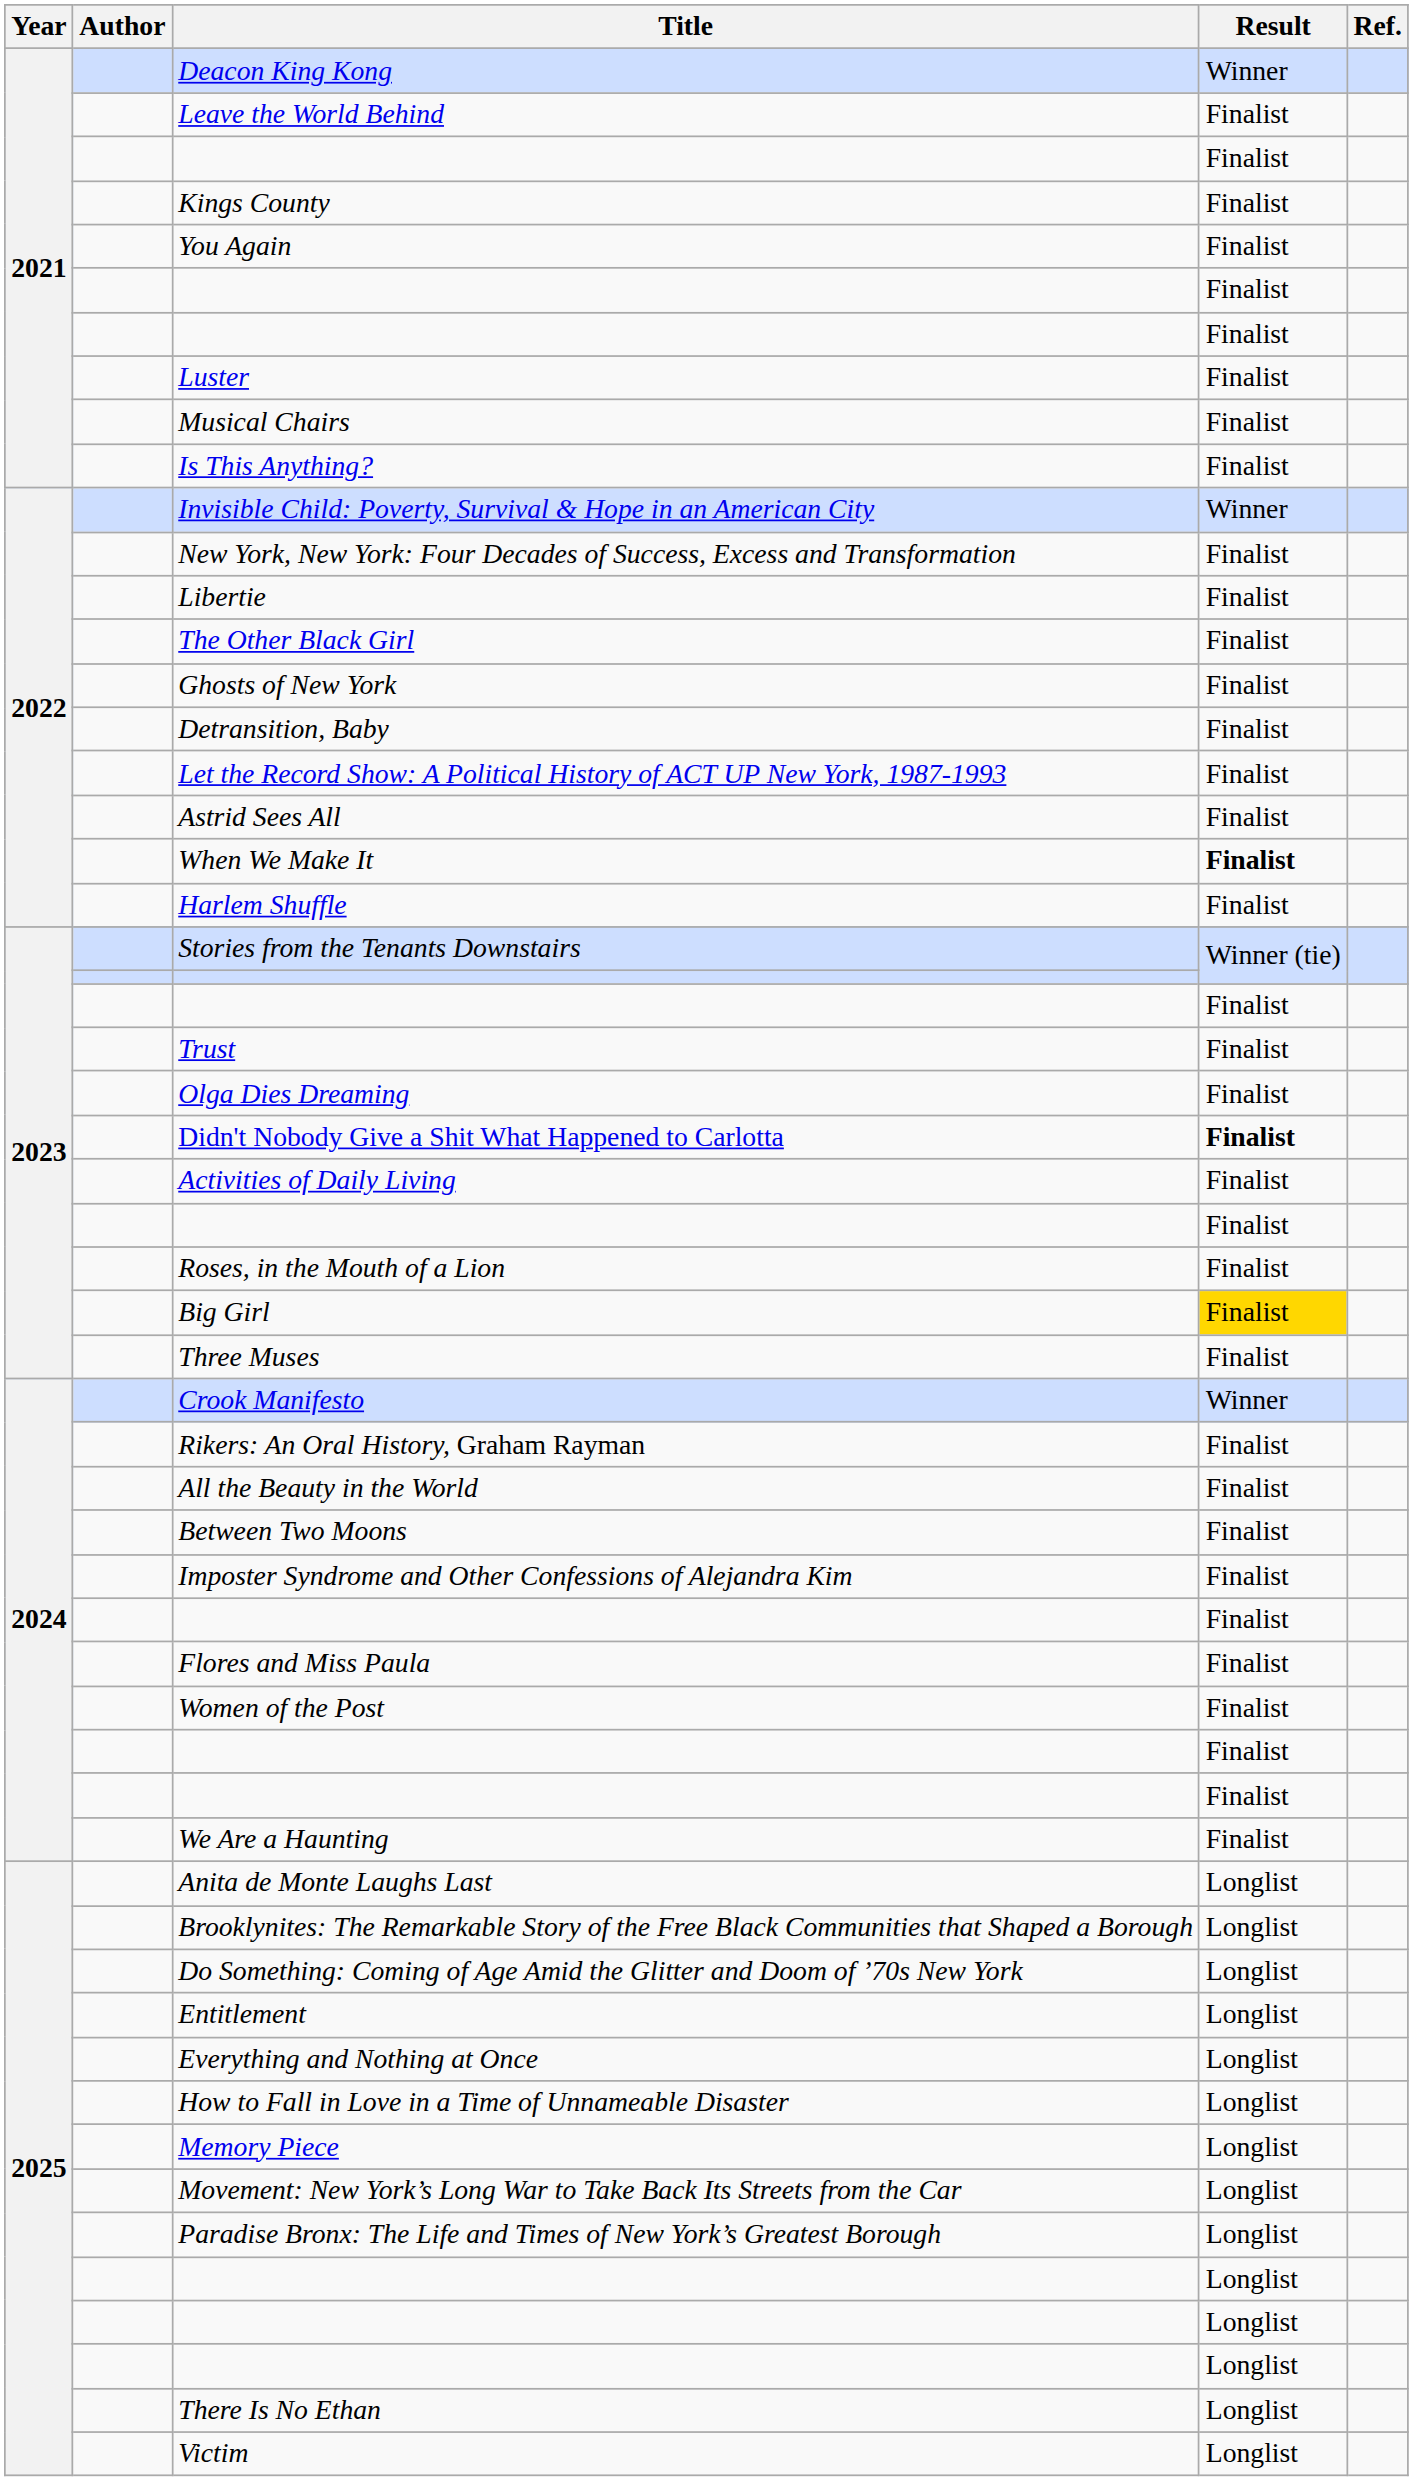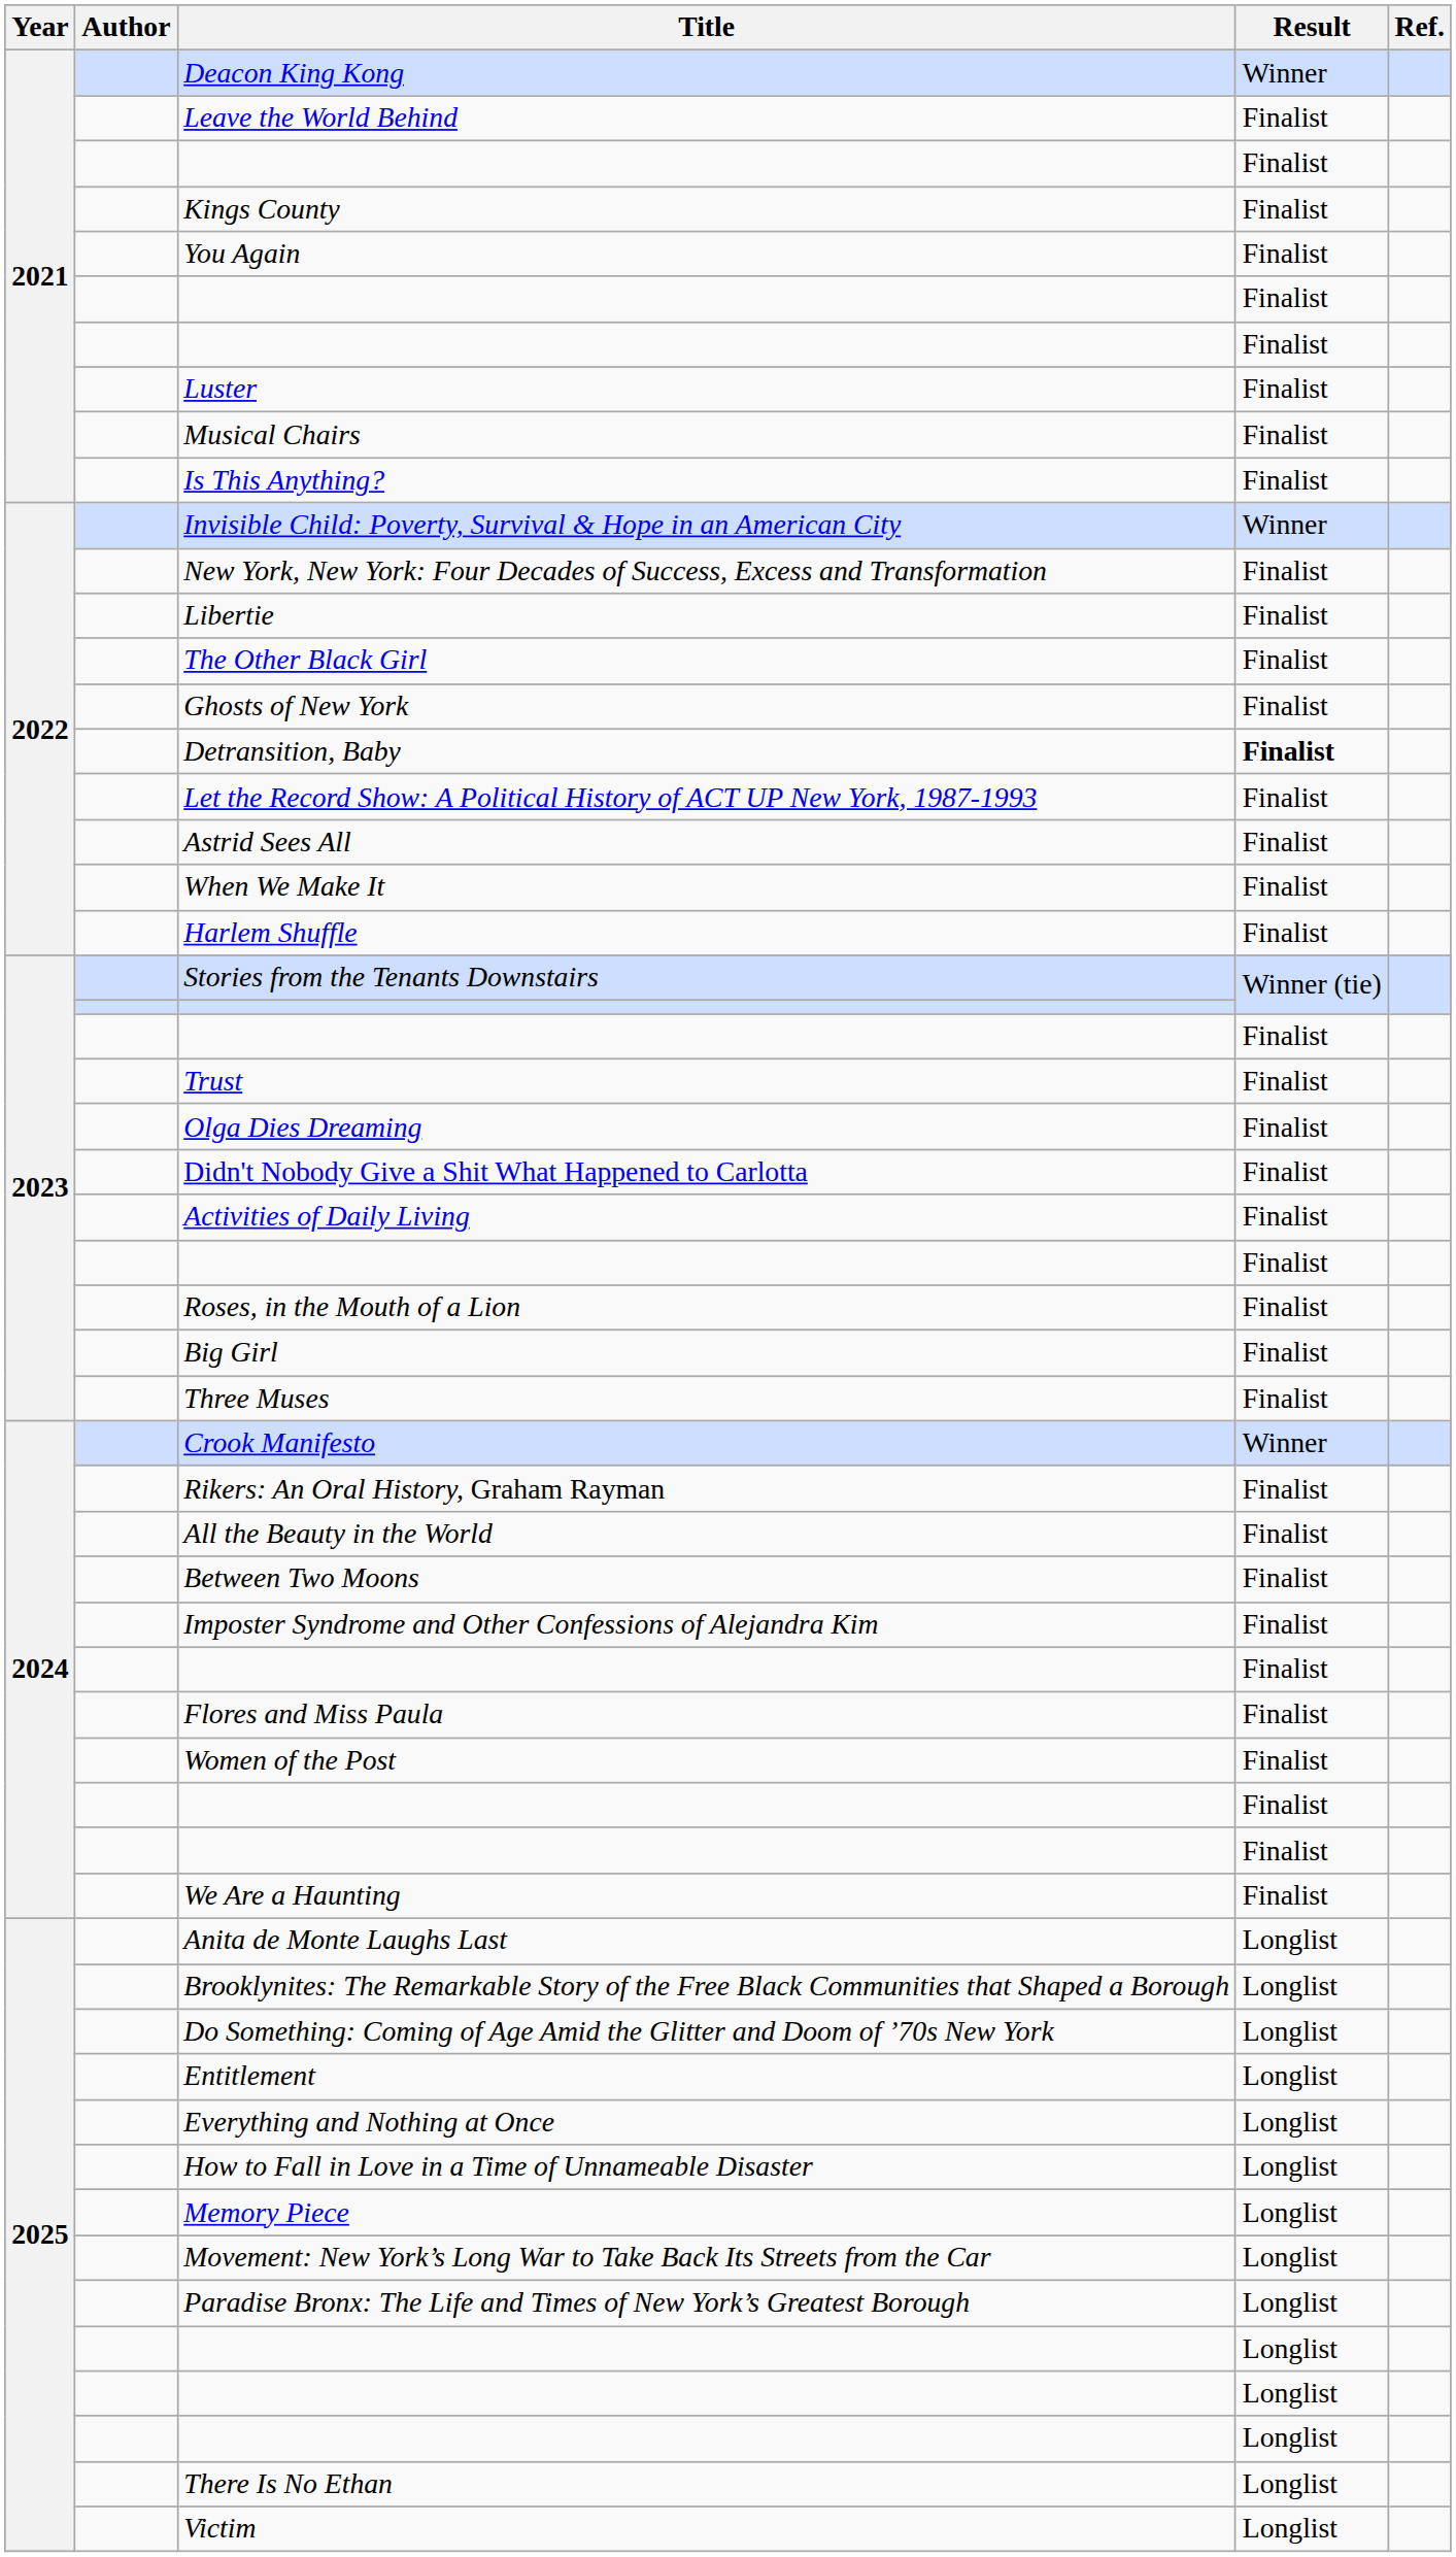 <table class="wikitable sortable">
 <tr>
 <th scope="col">Year</th>
 <th scope="col">Author</th>
 <th scope="col">Title</th>
 <th scope="col">Result</th>
 <th scope="col">Ref.</th>
 </tr>
 <tr style="background:#cddeff">
 <th rowspan="10">2021</th>
 <td></td>
 <td><em><a href='#'>Deacon King Kong</a></em></td>
 <td>Winner</td>
 <td></td>
 </tr>
 <tr>
 <td></td>
 <td><em><a href='#'>Leave the World Behind</a></em></td>
 <td>Finalist</td>
 <td></td>
 </tr>
 <tr>
 <td></td>
 <td></td>
 <td>Finalist</td>
 <td></td>
 </tr>
 <tr>
 <td></td>
 <td><em>Kings County</em></td>
 <td>Finalist</td>
 <td></td>
 </tr>
 <tr>
 <td></td>
 <td><em>You Again</em></td>
 <td>Finalist</td>
 <td></td>
 </tr>
 <tr>
 <td></td>
 <td></td>
 <td>Finalist</td>
 <td></td>
 </tr>
 <tr>
 <td></td>
 <td></td>
 <td>Finalist</td>
 <td></td>
 </tr>
 <tr>
 <td></td>
 <td><em><a href='#'>Luster</a></em></td>
 <td>Finalist</td>
 <td></td>
 </tr>
 <tr>
 <td></td>
 <td><em>Musical Chairs</em></td>
 <td>Finalist</td>
 <td></td>
 </tr>
 <tr>
 <td></td>
 <td><em><a href='#'>Is This Anything?</a></em></td>
 <td>Finalist</td>
 <td></td>
 </tr>
 <tr style="background:#cddeff">
 <th rowspan="10">2022</th>
 <td></td>
 <td><em><a href='#'>Invisible Child: Poverty, Survival & Hope in an American City</a></em></td>
 <td>Winner</td>
 <td></td>
 </tr>
 <tr>
 <td></td>
 <td><em>New York, New York: Four Decades of Success, Excess and Transformation</em></td>
 <td>Finalist</td>
 <td></td>
 </tr>
 <tr>
 <td></td>
 <td><em>Libertie</em></td>
 <td>Finalist</td>
 <td></td>
 </tr>
 <tr>
 <td></td>
 <td><em><a href='#'>The Other Black Girl</a></em></td>
 <td>Finalist</td>
 <td></td>
 </tr>
 <tr>
 <td></td>
 <td><em>Ghosts of New York</em></td>
 <td>Finalist</td>
 <td></td>
 </tr>
 <tr>
 <td></td>
 <td><em>Detransition, Baby</em></td>
-<td>Finalist</td>
+<td><strong>Finalist</strong></td>
 <td></td>
 </tr>
 <tr>
 <td></td>
 <td><em><a href='#'>Let the Record Show: A Political History of ACT UP New York, 1987-1993</a></em></td>
 <td>Finalist</td>
 <td></td>
 </tr>
 <tr>
 <td></td>
 <td><em>Astrid Sees All</em></td>
 <td>Finalist</td>
 <td></td>
 </tr>
 <tr>
 <td></td>
 <td><em>When We Make It</em></td>
-<td><strong>Finalist</strong></td>
+<td>Finalist</td>
 <td></td>
 </tr>
 <tr>
 <td></td>
 <td><em><a href='#'>Harlem Shuffle</a></em></td>
 <td>Finalist</td>
 <td></td>
 </tr>
 <tr style="background:#cddeff">
 <th rowspan="11">2023</th>
 <td></td>
 <td><em>Stories from the Tenants Downstairs</em></td>
 <td rowspan="2">Winner (tie)</td>
 <td rowspan="2"></td>
 </tr>
 <tr style="background:#cddeff">
 <td></td>
 <td></td>
 </tr>
 <tr>
 <td></td>
 <td></td>
 <td>Finalist</td>
 <td></td>
 </tr>
 <tr>
 <td></td>
 <td><a href='#'><em>Trust</em></a></td>
 <td>Finalist</td>
 <td></td>
 </tr>
 <tr>
 <td></td>
 <td><em><a href='#'>Olga Dies Dreaming</a></em></td>
 <td>Finalist</td>
 <td></td>
 </tr>
 <tr>
 <td></td>
 <td><a href='#'>Didn't Nobody Give a Shit What Happened to Carlotta</a></td>
-<td><strong>Finalist</strong></td>
+<td>Finalist</td>
 <td></td>
 </tr>
 <tr>
 <td></td>
 <td><em><a href='#'>Activities of Daily Living</a></em></td>
 <td>Finalist</td>
 <td></td>
 </tr>
 <tr>
 <td></td>
 <td></td>
 <td>Finalist</td>
 <td></td>
 </tr>
 <tr>
 <td></td>
 <td><em>Roses, in the Mouth of a Lion</em></td>
 <td>Finalist</td>
 <td></td>
 </tr>
 <tr>
 <td></td>
 <td><em>Big Girl</em></td>
-<td style="background: gold;">Finalist</td>
+<td>Finalist</td>
 <td></td>
 </tr>
 <tr>
 <td></td>
 <td><em>Three Muses</em></td>
 <td>Finalist</td>
 <td></td>
 </tr>
 <tr style="background:#cddeff">
 <th rowspan="11">2024</th>
 <td></td>
 <td><em><a href='#'>Crook Manifesto</a></em></td>
 <td>Winner</td>
 <td></td>
 </tr>
 <tr>
 <td></td>
 <td><em>Rikers: An Oral History,</em> Graham Rayman</td>
 <td>Finalist</td>
 <td></td>
 </tr>
 <tr>
 <td></td>
 <td><em>All the Beauty in the World</em></td>
 <td>Finalist</td>
 <td></td>
 </tr>
 <tr>
 <td></td>
 <td><em>Between Two Moons</em></td>
 <td>Finalist</td>
 <td></td>
 </tr>
 <tr>
 <td></td>
 <td><em>Imposter Syndrome and Other Confessions of Alejandra Kim</em></td>
 <td>Finalist</td>
 <td></td>
 </tr>
 <tr>
 <td></td>
 <td></td>
 <td>Finalist</td>
 <td></td>
 </tr>
 <tr>
 <td></td>
 <td><em>Flores and Miss Paula</em></td>
 <td>Finalist</td>
 <td></td>
 </tr>
 <tr>
 <td></td>
 <td><em>Women of the Post</em></td>
 <td>Finalist</td>
 <td></td>
 </tr>
 <tr>
 <td></td>
 <td></td>
 <td>Finalist</td>
 <td></td>
 </tr>
 <tr>
 <td></td>
 <td></td>
 <td>Finalist</td>
 <td></td>
 </tr>
 <tr>
 <td></td>
 <td><em>We Are a Haunting</em></td>
 <td>Finalist</td>
 <td></td>
 </tr>
 <tr>
 <th rowspan="14">2025</th>
 <td></td>
 <td><em>Anita de Monte Laughs Last</em></td>
 <td>Longlist</td>
 <td></td>
 </tr>
 <tr>
 <td></td>
 <td><em>Brooklynites: The Remarkable Story of the Free Black Communities that Shaped a Borough</em></td>
 <td>Longlist</td>
 <td></td>
 </tr>
 <tr>
 <td></td>
 <td><em>Do Something: Coming of Age Amid the Glitter and Doom of ’70s New York</em></td>
 <td>Longlist</td>
 <td></td>
 </tr>
 <tr>
 <td></td>
 <td><em>Entitlement</em></td>
 <td>Longlist</td>
 <td></td>
 </tr>
 <tr>
 <td></td>
 <td><em>Everything and Nothing at Once</em></td>
 <td>Longlist</td>
 <td></td>
 </tr>
 <tr>
 <td></td>
 <td><em>How to Fall in Love in a Time of Unnameable Disaster</em></td>
 <td>Longlist</td>
 <td></td>
 </tr>
 <tr>
 <td></td>
 <td><em><a href='#'>Memory Piece</a></em></td>
 <td>Longlist</td>
 <td></td>
 </tr>
 <tr>
 <td></td>
 <td><em>Movement: New York’s Long War to Take Back Its Streets from the Car</em></td>
 <td>Longlist</td>
 <td></td>
 </tr>
 <tr>
 <td></td>
 <td><em>Paradise Bronx: The Life and Times of New York’s Greatest Borough</em></td>
 <td>Longlist</td>
 <td></td>
 </tr>
 <tr>
 <td></td>
 <td><em></em></td>
 <td>Longlist</td>
 <td></td>
 </tr>
 <tr>
 <td></td>
 <td><em></em></td>
 <td>Longlist</td>
 <td></td>
 </tr>
 <tr>
 <td></td>
 <td><em></em></td>
 <td>Longlist</td>
 <td></td>
 </tr>
 <tr>
 <td></td>
 <td><em>There Is No Ethan</em></td>
 <td>Longlist</td>
 <td></td>
 </tr>
 <tr>
 <td></td>
 <td><em>Victim</em></td>
 <td>Longlist</td>
 <td></td>
 </tr>
 </table>
